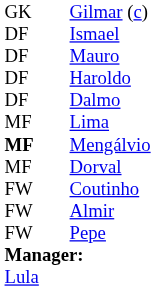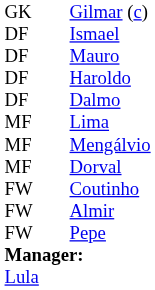 <table style="font-size:90%; margin:0.2em auto;" cellspacing="0" cellpadding="0">
 <tr>
 <th width="25"></th>
 <th width="25"></th>
 </tr>
 <tr>
 <td>GK</td>
 <td></td>
 <td> <a href='#'>Gilmar</a> (<a href='#'>c</a>)</td>
 </tr>
 <tr>
 <td>DF</td>
 <td></td>
 <td> <a href='#'>Ismael</a></td>
 </tr>
 <tr>
 <td>DF</td>
 <td></td>
 <td> <a href='#'>Mauro</a></td>
 </tr>
 <tr>
 <td>DF</td>
 <td></td>
 <td> <a href='#'>Haroldo</a></td>
 </tr>
 <tr>
 <td>DF</td>
 <td></td>
 <td> <a href='#'>Dalmo</a></td>
 </tr>
 <tr>
 <td>MF</td>
 <td></td>
 <td> <a href='#'>Lima</a></td>
 </tr>
 <tr>
-<td><strong>MF</strong></td>
+<td>MF</td>
 <td></td>
 <td> <a href='#'>Mengálvio</a></td>
 </tr>
 <tr>
 <td>MF</td>
 <td></td>
 <td> <a href='#'>Dorval</a></td>
 </tr>
 <tr>
 <td>FW</td>
 <td></td>
 <td> <a href='#'>Coutinho</a></td>
 </tr>
 <tr>
 <td>FW</td>
 <td></td>
 <td> <a href='#'>Almir</a></td>
 </tr>
 <tr>
 <td>FW</td>
 <td></td>
 <td> <a href='#'>Pepe</a></td>
 </tr>
 <tr>
 <td colspan=3><strong>Manager:</strong></td>
 </tr>
 <tr>
 <td colspan=4> <a href='#'>Lula</a></td>
 </tr>
 </table>
